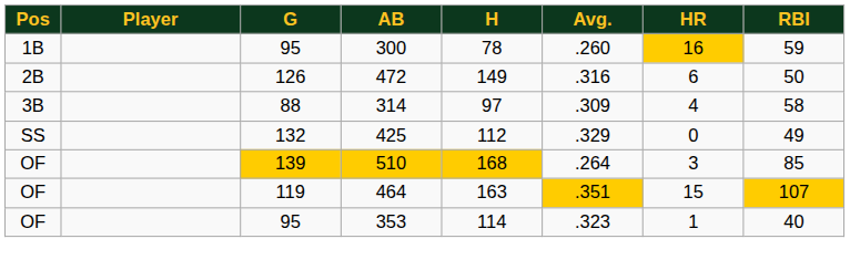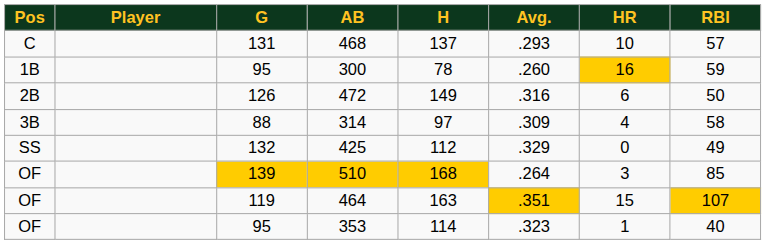 <table class="wikitable sortable">
 <tr>
 <th style="background:#0C371D;color:#ffc322;" width="5%">Pos</th>
 <th style="background:#0C371D;color:#ffc322;" width="16%">Player</th>
 <th style="background:#0C371D;color:#ffc322;" width="9%">G</th>
 <th style="background:#0C371D;color:#ffc322;" width="9%">AB</th>
 <th style="background:#0C371D;color:#ffc322;" width="9%">H</th>
 <th style="background:#0C371D;color:#ffc322;" width="9%">Avg.</th>
 <th style="background:#0C371D;color:#ffc322;" width="9%">HR</th>
 <th style="background:#0C371D;color:#ffc322;" width="9%">RBI</th>
+</tr>
+<tr align="center">
+<td>C</td>
+<td></td>
+<td>131</td>
+<td>468</td>
+<td>137</td>
+<td>.293</td>
+<td>10</td>
+<td>57</td>
 </tr>
 <tr align="center">
 <td>1B</td>
 <td></td>
 <td>95</td>
 <td>300</td>
 <td>78</td>
 <td>.260</td>
 <td style="background:#fc0;">16</td>
 <td>59</td>
 </tr>
 <tr align="center">
 <td>2B</td>
 <td></td>
 <td>126</td>
 <td>472</td>
 <td>149</td>
 <td>.316</td>
 <td>6</td>
 <td>50</td>
 </tr>
 <tr align="center">
 <td>3B</td>
 <td></td>
 <td>88</td>
 <td>314</td>
 <td>97</td>
 <td>.309</td>
 <td>4</td>
 <td>58</td>
 </tr>
 <tr align="center">
 <td>SS</td>
 <td></td>
 <td>132</td>
 <td>425</td>
 <td>112</td>
 <td>.329</td>
 <td>0</td>
 <td>49</td>
 </tr>
 <tr align="center">
 <td>OF</td>
 <td></td>
 <td style="background:#fc0;">139</td>
 <td style="background:#fc0;">510</td>
 <td style="background:#fc0;">168</td>
 <td>.264</td>
 <td>3</td>
 <td>85</td>
 </tr>
 <tr align="center">
 <td>OF</td>
 <td></td>
 <td>119</td>
 <td>464</td>
 <td>163</td>
 <td style="background:#fc0;">.351</td>
 <td>15</td>
 <td style="background:#fc0;">107</td>
 </tr>
 <tr align="center">
 <td>OF</td>
 <td></td>
 <td>95</td>
 <td>353</td>
 <td>114</td>
 <td>.323</td>
 <td>1</td>
 <td>40</td>
 </tr>
 </table>
